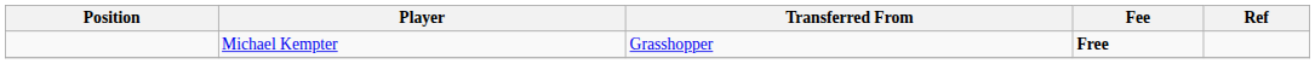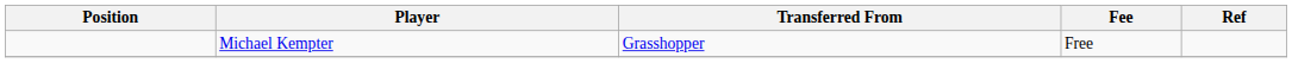 <table class="wikitable sortable" style="width:80%; text-align:center; font-size:100%; text-align:left;">
 <tr>
 <th>Position</th>
 <th>Player</th>
 <th>Transferred From</th>
 <th>Fee</th>
 <th>Ref</th>
 </tr>
 <tr>
 <td></td>
 <td> <a href='#'>Michael Kempter</a></td>
 <td> <a href='#'>Grasshopper</a></td>
-<td><strong>Free</strong></td>
+<td>Free</td>
 <td></td>
 </tr>
 <tr>
 </tr>
 </table>
